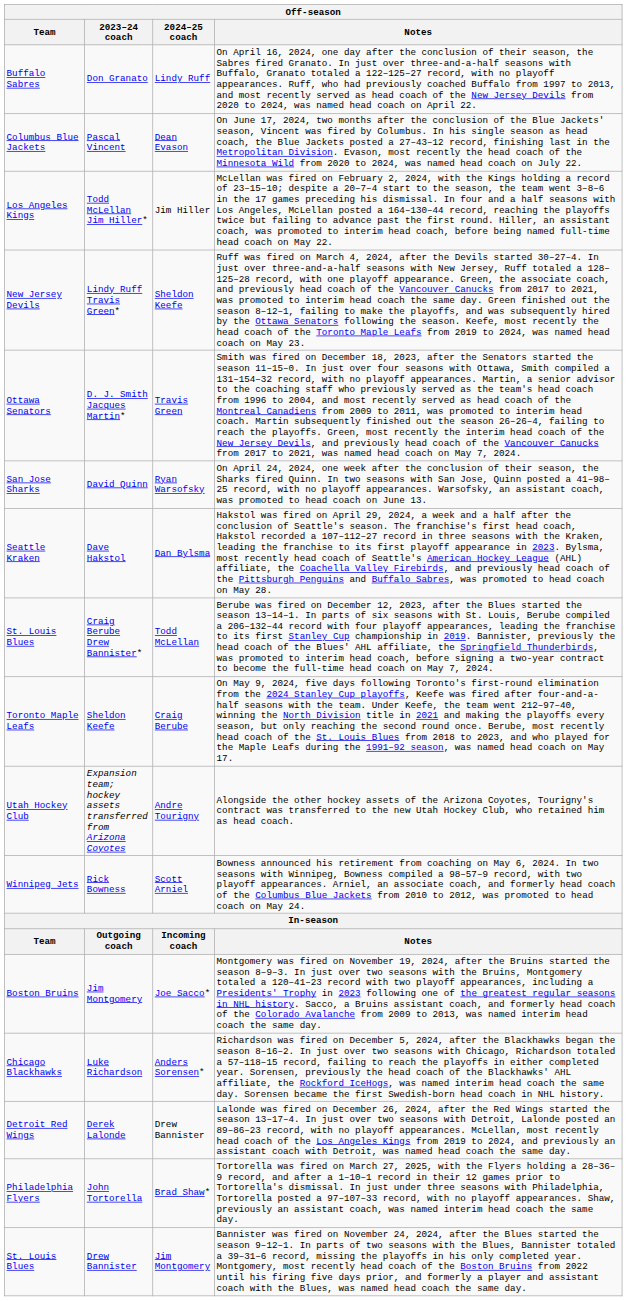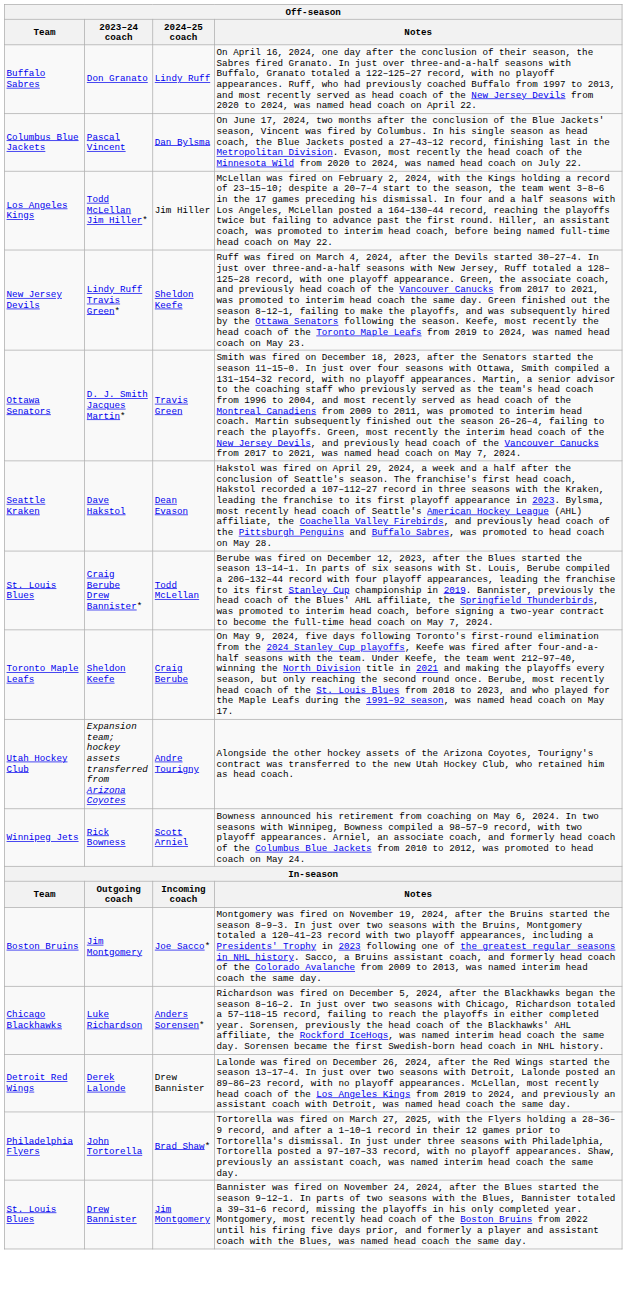 <table class="wikitable">
 <tr>
 <th colspan="4">Off-season</th>
 </tr>
 <tr>
 <th style="width:13%;">Team</th>
 <th style="width:11%;">2023–24 coach</th>
 <th style="width:10%;">2024–25 coach</th>
 <th>Notes</th>
 </tr>
 <tr>
 <td><a href='#'>Buffalo Sabres</a></td>
 <td><a href='#'>Don Granato</a></td>
 <td><a href='#'>Lindy Ruff</a></td>
 <td>On April 16, 2024, one day after the conclusion of their season, the Sabres fired Granato. In just over three-and-a-half seasons with Buffalo, Granato totaled a 122–125–27 record, with no playoff appearances. Ruff, who had previously coached Buffalo from 1997 to 2013, and most recently served as head coach of the <a href='#'>New Jersey Devils</a> from 2020 to 2024, was named head coach on April 22.</td>
 </tr>
 <tr>
 <td><a href='#'>Columbus Blue Jackets</a></td>
 <td><a href='#'>Pascal Vincent</a></td>
-<td><a href='#'>Dean Evason</a></td>
+<td><a href='#'>Dan Bylsma</a></td>
 <td>On June 17, 2024, two months after the conclusion of the Blue Jackets' season, Vincent was fired by Columbus. In his single season as head coach, the Blue Jackets posted a 27–43–12 record, finishing last in the <a href='#'>Metropolitan Division</a>. Evason, most recently the head coach of the <a href='#'>Minnesota Wild</a> from 2020 to 2024, was named head coach on July 22.</td>
 </tr>
 <tr>
 <td><a href='#'>Los Angeles Kings</a></td>
 <td><a href='#'>Todd McLellan</a><br><a href='#'>Jim Hiller</a>*</td>
 <td>Jim Hiller</td>
 <td>McLellan was fired on February 2, 2024, with the Kings holding a record of 23–15–10; despite a 20–7–4 start to the season, the team went 3–8–6 in the 17 games preceding his dismissal. In four and a half seasons with Los Angeles, McLellan posted a 164–130–44 record, reaching the playoffs twice but failing to advance past the first round. Hiller, an assistant coach, was promoted to interim head coach, before being named full-time head coach on May 22.</td>
 </tr>
 <tr>
 <td><a href='#'>New Jersey Devils</a></td>
 <td><a href='#'>Lindy Ruff</a><br><a href='#'>Travis Green</a>*</td>
 <td><a href='#'>Sheldon Keefe</a></td>
 <td>Ruff was fired on March 4, 2024, after the Devils started 30–27–4. In just over three-and-a-half seasons with New Jersey, Ruff totaled a 128–125–28 record, with one playoff appearance. Green, the associate coach, and previously head coach of the <a href='#'>Vancouver Canucks</a> from 2017 to 2021, was promoted to interim head coach the same day. Green finished out the season 8–12–1, failing to make the playoffs, and was subsequently hired by the <a href='#'>Ottawa Senators</a> following the season. Keefe, most recently the head coach of the <a href='#'>Toronto Maple Leafs</a> from 2019 to 2024, was named head coach on May 23.</td>
 </tr>
 <tr>
 <td><a href='#'>Ottawa Senators</a></td>
 <td><a href='#'>D. J. Smith</a><br><a href='#'>Jacques Martin</a>*</td>
 <td><a href='#'>Travis Green</a></td>
 <td>Smith was fired on December 18, 2023, after the Senators started the season 11–15–0. In just over four seasons with Ottawa, Smith compiled a 131–154–32 record, with no playoff appearances. Martin, a senior advisor to the coaching staff who previously served as the team's head coach from 1996 to 2004, and most recently served as head coach of the <a href='#'>Montreal Canadiens</a> from 2009 to 2011, was promoted to interim head coach. Martin subsequently finished out the season 26–26–4, failing to reach the playoffs. Green, most recently the interim head coach of the <a href='#'>New Jersey Devils</a>, and previously head coach of the <a href='#'>Vancouver Canucks</a> from 2017 to 2021, was named head coach on May 7, 2024.</td>
 </tr>
 <tr>
-<td><a href='#'>San Jose Sharks</a></td>
-<td><a href='#'>David Quinn</a></td>
-<td><a href='#'>Ryan Warsofsky</a></td>
-<td>On April 24, 2024, one week after the conclusion of their season, the Sharks fired Quinn. In two seasons with San Jose, Quinn posted a 41–98–25 record, with no playoff appearances. Warsofsky, an assistant coach, was promoted to head coach on June 13.</td>
-</tr>
-<tr>
 <td><a href='#'>Seattle Kraken</a></td>
 <td><a href='#'>Dave Hakstol</a></td>
-<td><a href='#'>Dan Bylsma</a></td>
+<td><a href='#'>Dean Evason</a></td>
 <td>Hakstol was fired on April 29, 2024, a week and a half after the conclusion of Seattle's season. The franchise's first head coach, Hakstol recorded a 107–112–27 record in three seasons with the Kraken, leading the franchise to its first playoff appearance in <a href='#'>2023</a>. Bylsma, most recently head coach of Seattle's <a href='#'>American Hockey League</a> (AHL) affiliate, the <a href='#'>Coachella Valley Firebirds</a>, and previously head coach of the <a href='#'>Pittsburgh Penguins</a> and <a href='#'>Buffalo Sabres</a>, was promoted to head coach on May 28.</td>
 </tr>
 <tr>
 <td><a href='#'>St. Louis Blues</a></td>
 <td><a href='#'>Craig Berube</a><br><a href='#'>Drew Bannister</a>*</td>
 <td><a href='#'>Todd McLellan</a></td>
 <td>Berube was fired on December 12, 2023, after the Blues started the season 13–14–1. In parts of six seasons with St. Louis, Berube compiled a 206–132–44 record with four playoff appearances, leading the franchise to its first <a href='#'>Stanley Cup</a> championship in <a href='#'>2019</a>. Bannister, previously the head coach of the Blues' AHL affiliate, the <a href='#'>Springfield Thunderbirds</a>, was promoted to interim head coach, before signing a two-year contract to become the full-time head coach on May 7, 2024.</td>
 </tr>
 <tr>
 <td><a href='#'>Toronto Maple Leafs</a></td>
 <td><a href='#'>Sheldon Keefe</a></td>
 <td><a href='#'>Craig Berube</a></td>
 <td>On May 9, 2024, five days following Toronto's first-round elimination from the <a href='#'>2024 Stanley Cup playoffs</a>, Keefe was fired after four-and-a-half seasons with the team. Under Keefe, the team went 212–97–40, winning the <a href='#'>North Division</a> title in <a href='#'>2021</a> and making the playoffs every season, but only reaching the second round once. Berube, most recently head coach of the <a href='#'>St. Louis Blues</a> from 2018 to 2023, and who played for the Maple Leafs during the <a href='#'>1991–92 season</a>, was named head coach on May 17.</td>
 </tr>
 <tr>
 <td><a href='#'>Utah Hockey Club</a></td>
 <td><em>Expansion team; hockey assets transferred from <a href='#'>Arizona Coyotes</a></em></td>
 <td><a href='#'>Andre Tourigny</a></td>
 <td>Alongside the other hockey assets of the Arizona Coyotes, Tourigny's contract was transferred to the new Utah Hockey Club, who retained him as head coach.</td>
 </tr>
 <tr>
 <td><a href='#'>Winnipeg Jets</a></td>
 <td><a href='#'>Rick Bowness</a></td>
 <td><a href='#'>Scott Arniel</a></td>
 <td>Bowness announced his retirement from coaching on May 6, 2024. In two seasons with Winnipeg, Bowness compiled a 98–57–9 record, with two playoff appearances. Arniel, an associate coach, and formerly head coach of the <a href='#'>Columbus Blue Jackets</a> from 2010 to 2012, was promoted to head coach on May 24.</td>
 </tr>
 <tr>
 <th colspan="4">In-season</th>
 </tr>
 <tr>
 <th style="width":13%;>Team</th>
 <th style="width":11%;>Outgoing coach</th>
 <th style="width":10%;>Incoming coach</th>
 <th>Notes</th>
 </tr>
 <tr>
 <td><a href='#'>Boston Bruins</a></td>
 <td><a href='#'>Jim Montgomery</a></td>
 <td><a href='#'>Joe Sacco</a>*</td>
 <td>Montgomery was fired on November 19, 2024, after the Bruins started the season 8–9–3. In just over two seasons with the Bruins, Montgomery totaled a 120–41–23 record with two playoff appearances, including a <a href='#'>Presidents' Trophy</a> in <a href='#'>2023</a> following one of <a href='#'>the greatest regular seasons in NHL history</a>. Sacco, a Bruins assistant coach, and formerly head coach of the <a href='#'>Colorado Avalanche</a> from 2009 to 2013, was named interim head coach the same day.</td>
 </tr>
 <tr>
 <td><a href='#'>Chicago Blackhawks</a></td>
 <td><a href='#'>Luke Richardson</a></td>
 <td><a href='#'>Anders Sorensen</a>*</td>
 <td>Richardson was fired on December 5, 2024, after the Blackhawks began the season 8–16–2. In just over two seasons with Chicago, Richardson totaled a 57–118–15 record, failing to reach the playoffs in either completed year. Sorensen, previously the head coach of the Blackhawks' AHL affiliate, the <a href='#'>Rockford IceHogs</a>, was named interim head coach the same day. Sorensen became the first Swedish-born head coach in NHL history.</td>
 </tr>
 <tr>
 <td><a href='#'>Detroit Red Wings</a></td>
 <td><a href='#'>Derek Lalonde</a></td>
 <td>Drew Bannister</td>
 <td>Lalonde was fired on December 26, 2024, after the Red Wings started the season 13–17–4. In just over two seasons with Detroit, Lalonde posted an 89–86–23 record, with no playoff appearances. McLellan, most recently head coach of the <a href='#'>Los Angeles Kings</a> from 2019 to 2024, and previously an assistant coach with Detroit, was named head coach the same day.</td>
 </tr>
 <tr>
 <td><a href='#'>Philadelphia Flyers</a></td>
 <td><a href='#'>John Tortorella</a></td>
 <td><a href='#'>Brad Shaw</a>*</td>
 <td>Tortorella was fired on March 27, 2025, with the Flyers holding a 28–36–9 record, and after a 1–10–1 record in their 12 games prior to Tortorella's dismissal. In just under three seasons with Philadelphia, Tortorella posted a 97–107–33 record, with no playoff appearances. Shaw, previously an assistant coach, was named interim head coach the same day.</td>
 </tr>
 <tr>
 <td><a href='#'>St. Louis Blues</a></td>
 <td><a href='#'>Drew Bannister</a></td>
 <td><a href='#'>Jim Montgomery</a></td>
 <td>Bannister was fired on November 24, 2024, after the Blues started the season 9–12–1. In parts of two seasons with the Blues, Bannister totaled a 39–31–6 record, missing the playoffs in his only completed year. Montgomery, most recently head coach of the <a href='#'>Boston Bruins</a> from 2022 until his firing five days prior, and formerly a player and assistant coach with the Blues, was named head coach the same day.</td>
 </tr>
 </table>
